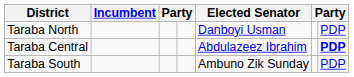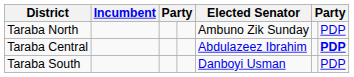 <table class="sortable wikitable" style="font-size:95%;line-height:14px;">
 <tr>
 <th class="unsortable">District</th>
 <th class="unsortable"><a href='#'>Incumbent</a></th>
 <th colspan="2">Party</th>
 <th class="unsortable">Elected Senator</th>
 <th colspan="2">Party</th>
 </tr>
 <tr>
 <td>Taraba North</td>
 <td></td>
 <td></td>
 <td></td>
-<td><a href='#'>Danboyi Usman</a></td>
+<td>Ambuno Zik Sunday</td>
 <td style="background:"></td>
 <td><a href='#'>PDP</a></td>
 </tr>
 <tr>
 <td>Taraba Central</td>
 <td></td>
 <td></td>
 <td></td>
 <td><a href='#'>Abdulazeez Ibrahim</a></td>
 <td style="background:"></td>
 <td><strong><a href='#'>PDP</a></strong></td>
 </tr>
 <tr>
 <td>Taraba South</td>
 <td></td>
 <td></td>
 <td></td>
-<td>Ambuno Zik Sunday</td>
+<td><a href='#'>Danboyi Usman</a></td>
 <td style="background:"></td>
 <td><a href='#'>PDP</a></td>
 </tr>
 </table>
